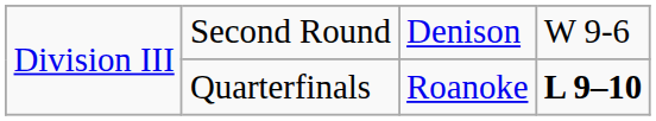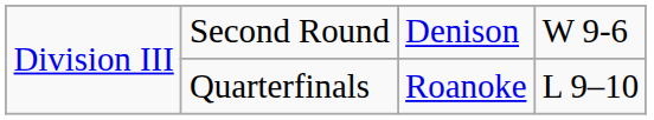 <table class="wikitable">
 <tr>
 <td rowspan="2"><a href='#'>Division III</a></td>
 <td>Second Round</td>
 <td><a href='#'>Denison</a></td>
 <td>W 9-6</td>
 </tr>
 <tr>
 <td>Quarterfinals</td>
 <td><a href='#'>Roanoke</a></td>
-<td><strong>L 9–10</strong></td>
+<td>L 9–10</td>
 </tr>
 </table>
